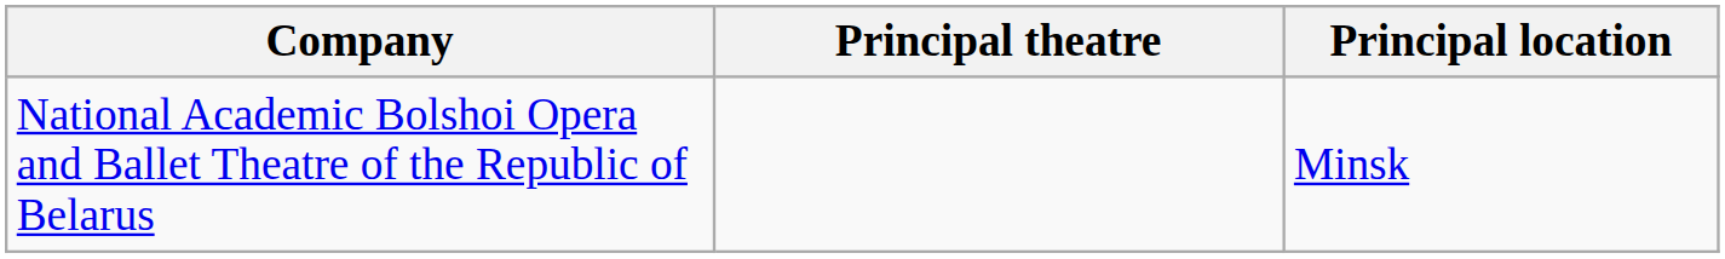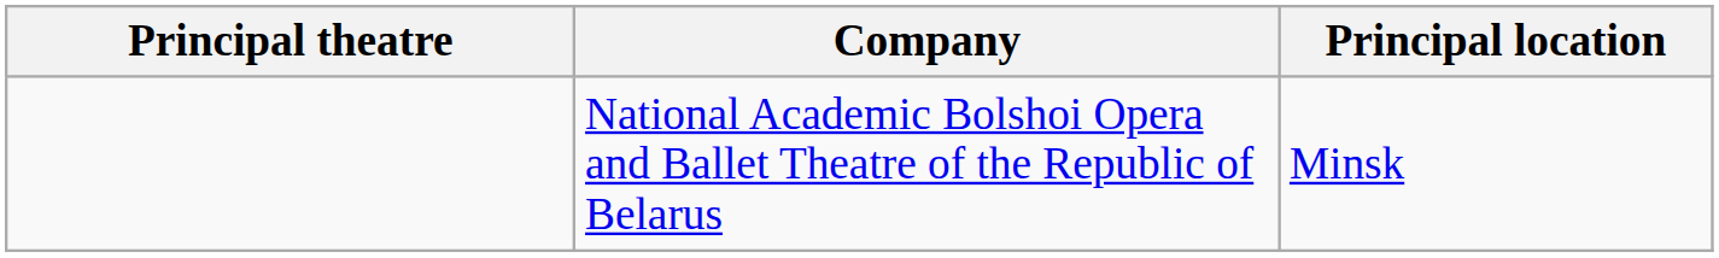 <table class="wikitable">
 <tr>
+<th width=200>Principal theatre</th>
 <th width=250>Company</th>
-<th width=200>Principal theatre</th>
 <th width=150>Principal location</th>
 </tr>
 <tr>
+<td></td>
 <td><a href='#'>National Academic Bolshoi Opera and Ballet Theatre of the Republic of Belarus</a></td>
-<td></td>
 <td><a href='#'>Minsk</a></td>
 </tr>
 </table>
